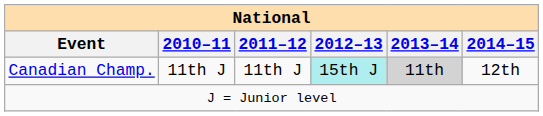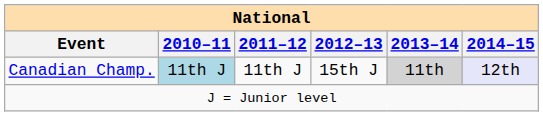 <table class="wikitable" style="text-align:center">
 <tr>
 <th style="background-color: #ffdead; " colspan=6 align=center>National</th>
 </tr>
 <tr>
 <th>Event</th>
 <th><a href='#'>2010–11</a> <br></th>
 <th><a href='#'>2011–12</a> <br></th>
 <th><a href='#'>2012–13</a> <br></th>
 <th><a href='#'>2013–14</a> <br></th>
 <th><a href='#'>2014–15</a> <br></th>
 </tr>
 <tr>
 <td align=left><a href='#'>Canadian Champ.</a></td>
+<td style="background: lightblue;">11th J</td>
 <td>11th J</td>
-<td>11th J</td>
-<td style="background: paleturquoise;">15th J</td>
+<td>15th J</td>
 <td style="background: lightgrey;">11th</td>
-<td>12th</td>
+<td style="background: lavender;">12th</td>
 </tr>
 <tr>
 <td colspan=6 align=center><small> J = Junior level </small></td>
 </tr>
 </table>
